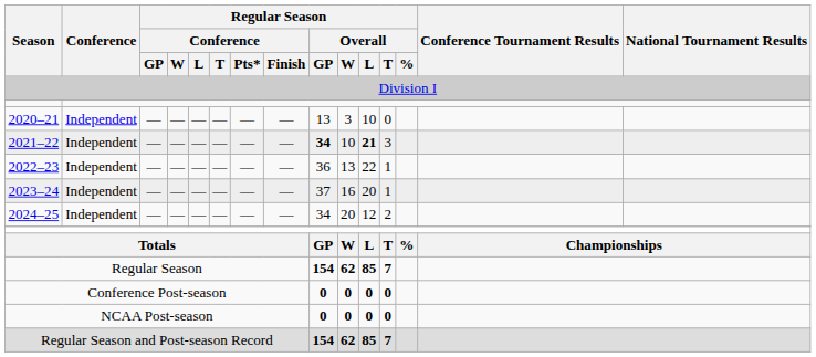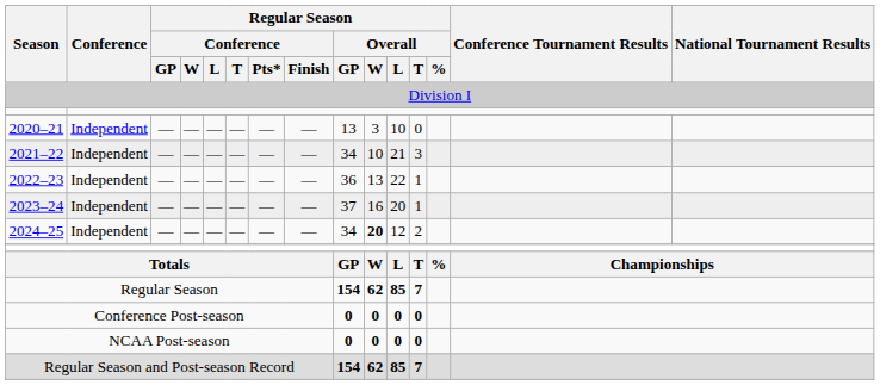 <table class="wikitable" style="text-align: center; font-size: 95%">
 <tr>
 <th rowspan="3">Season</th>
 <th rowspan="3">Conference</th>
 <th colspan="11">Regular Season</th>
 <th rowspan="3">Conference Tournament Results</th>
 <th rowspan="3">National Tournament Results</th>
 </tr>
 <tr>
 <th colspan="6">Conference</th>
 <th colspan="5">Overall</th>
 </tr>
 <tr>
 <th>GP</th>
 <th>W</th>
 <th>L</th>
 <th>T</th>
 <th>Pts*</th>
 <th>Finish</th>
 <th>GP</th>
 <th>W</th>
 <th>L</th>
 <th>T</th>
 <th>%</th>
 </tr>
 <tr>
 <td style="background:#cccccc;" colspan="15"><a href='#'>Division I</a></td>
 </tr>
 <tr>
 <td><a href='#'><strong></strong></a> </td>
 </tr>
 <tr>
 <td><a href='#'>2020–21</a></td>
 <td><a href='#'>Independent</a></td>
 <td>—</td>
 <td>—</td>
 <td>—</td>
 <td>—</td>
 <td>—</td>
 <td>—</td>
 <td>13</td>
 <td>3</td>
 <td>10</td>
 <td>0</td>
 <td></td>
 <td align="left"></td>
 <td align="left"></td>
 </tr>
 <tr bgcolor=eeeeee>
 <td><a href='#'>2021–22</a></td>
 <td>Independent</td>
 <td>—</td>
 <td>—</td>
 <td>—</td>
 <td>—</td>
 <td>—</td>
 <td>—</td>
-<td><strong>34</strong></td>
+<td>34</td>
 <td>10</td>
-<td><strong>21</strong></td>
+<td>21</td>
 <td>3</td>
 <td></td>
 <td align="left"></td>
 <td align="left"></td>
 </tr>
 <tr>
 <td><a href='#'>2022–23</a></td>
 <td>Independent</td>
 <td>—</td>
 <td>—</td>
 <td>—</td>
 <td>—</td>
 <td>—</td>
 <td>—</td>
 <td>36</td>
 <td>13</td>
 <td>22</td>
 <td>1</td>
 <td></td>
 <td align="left"></td>
 <td align="left"></td>
 </tr>
 <tr bgcolor=eeeeee>
 <td><a href='#'>2023–24</a></td>
 <td>Independent</td>
 <td>—</td>
 <td>—</td>
 <td>—</td>
 <td>—</td>
 <td>—</td>
 <td>—</td>
 <td>37</td>
 <td>16</td>
 <td>20</td>
 <td>1</td>
 <td></td>
 <td align="left"></td>
 <td align="left"></td>
 </tr>
 <tr>
 <td><a href='#'>2024–25</a></td>
 <td>Independent</td>
 <td>—</td>
 <td>—</td>
 <td>—</td>
 <td>—</td>
 <td>—</td>
 <td>—</td>
 <td>34</td>
-<td>20</td>
+<td><strong>20</strong></td>
 <td>12</td>
 <td>2</td>
 <td></td>
 <td align="left"></td>
 <td align="left"></td>
 </tr>
 <tr>
 </tr>
 <tr ->
 </tr>
 <tr>
 <td colspan="15" style="background:#fff;"></td>
 </tr>
 <tr>
 <th colspan="8">Totals</th>
 <th>GP</th>
 <th>W</th>
 <th>L</th>
 <th>T</th>
 <th>%</th>
 <th colspan="2">Championships</th>
 </tr>
 <tr>
 <td colspan="8">Regular Season</td>
 <td><strong>154</strong></td>
 <td><strong>62</strong></td>
 <td><strong>85</strong></td>
 <td><strong>7</strong></td>
 <td><strong></strong></td>
 <td colspan="2" align="left"></td>
 </tr>
 <tr>
 <td colspan="8">Conference Post-season</td>
 <td><strong>0</strong></td>
 <td><strong>0</strong></td>
 <td><strong>0</strong></td>
 <td><strong>0</strong></td>
 <td><strong></strong></td>
 <td colspan="2" align="left"></td>
 </tr>
 <tr>
 <td colspan="8">NCAA Post-season</td>
 <td><strong>0</strong></td>
 <td><strong>0</strong></td>
 <td><strong>0</strong></td>
 <td><strong>0</strong></td>
 <td><strong></strong></td>
 <td colspan="2" align="left"></td>
 </tr>
 <tr bgcolor=dddddd>
 <td colspan="8">Regular Season and Post-season Record</td>
 <td><strong>154</strong></td>
 <td><strong>62</strong></td>
 <td><strong>85</strong></td>
 <td><strong>7</strong></td>
 <td><strong></strong></td>
 <td colspan="2" align="left"></td>
 </tr>
 </table>
